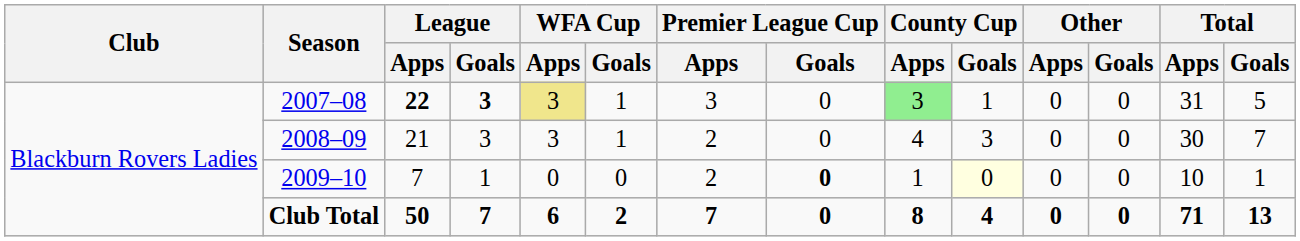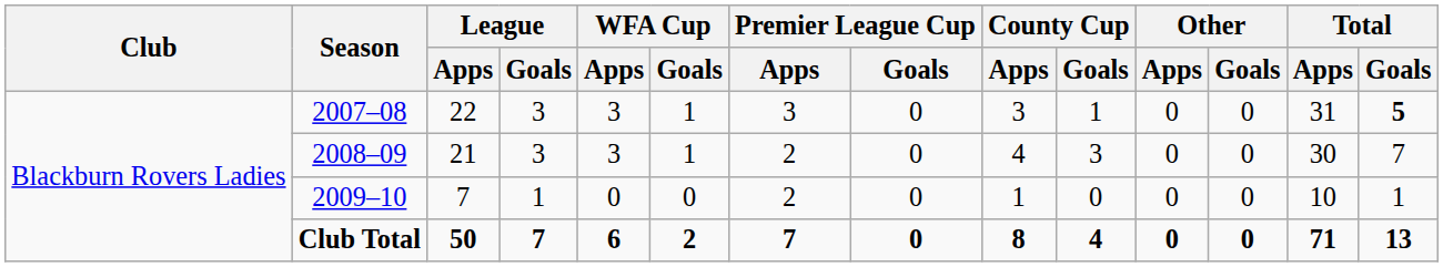 <table class="wikitable" border="1" style="text-align: center;">
 <tr>
 <th rowspan="2">Club</th>
 <th rowspan="2">Season</th>
 <th colspan="2">League</th>
 <th colspan="2">WFA Cup</th>
 <th colspan="2">Premier League Cup</th>
 <th colspan="2">County Cup</th>
 <th colspan="2">Other</th>
 <th colspan="2">Total</th>
 </tr>
 <tr>
 <th>Apps</th>
 <th>Goals</th>
 <th>Apps</th>
 <th>Goals</th>
 <th>Apps</th>
 <th>Goals</th>
 <th>Apps</th>
 <th>Goals</th>
 <th>Apps</th>
 <th>Goals</th>
 <th>Apps</th>
 <th>Goals</th>
 </tr>
 <tr>
 <td rowspan="4" valign="center"><a href='#'>Blackburn Rovers Ladies</a></td>
 <td><a href='#'>2007–08</a></td>
-<td><strong>22</strong></td>
-<td><strong>3</strong></td>
-<td style="background: khaki;">3</td>
+<td>22</td>
+<td>3</td>
+<td>3</td>
 <td>1</td>
 <td>3</td>
 <td>0</td>
-<td style="background: lightgreen;">3</td>
+<td>3</td>
 <td>1</td>
 <td>0</td>
 <td>0</td>
 <td>31</td>
-<td>5</td>
+<td><strong>5</strong></td>
 </tr>
 <tr>
 <td><a href='#'>2008–09</a></td>
 <td>21</td>
 <td>3</td>
 <td>3</td>
 <td>1</td>
 <td>2</td>
 <td>0</td>
 <td>4</td>
 <td>3</td>
 <td>0</td>
 <td>0</td>
 <td>30</td>
 <td>7</td>
 </tr>
 <tr>
 <td><a href='#'>2009–10</a></td>
 <td>7</td>
 <td>1</td>
 <td>0</td>
 <td>0</td>
 <td>2</td>
-<td><strong>0</strong></td>
+<td>0</td>
 <td>1</td>
-<td style="background: lightyellow;">0</td>
+<td>0</td>
 <td>0</td>
 <td>0</td>
 <td>10</td>
 <td>1</td>
 </tr>
 <tr>
 <td><strong>Club Total</strong></td>
 <td><strong>50</strong></td>
 <td><strong>7</strong></td>
 <td><strong>6</strong></td>
 <td><strong>2</strong></td>
 <td><strong>7</strong></td>
 <td><strong>0</strong></td>
 <td><strong>8</strong></td>
 <td><strong>4</strong></td>
 <td><strong>0</strong></td>
 <td><strong>0</strong></td>
 <td><strong>71</strong></td>
 <td><strong>13</strong></td>
 </tr>
 </table>
